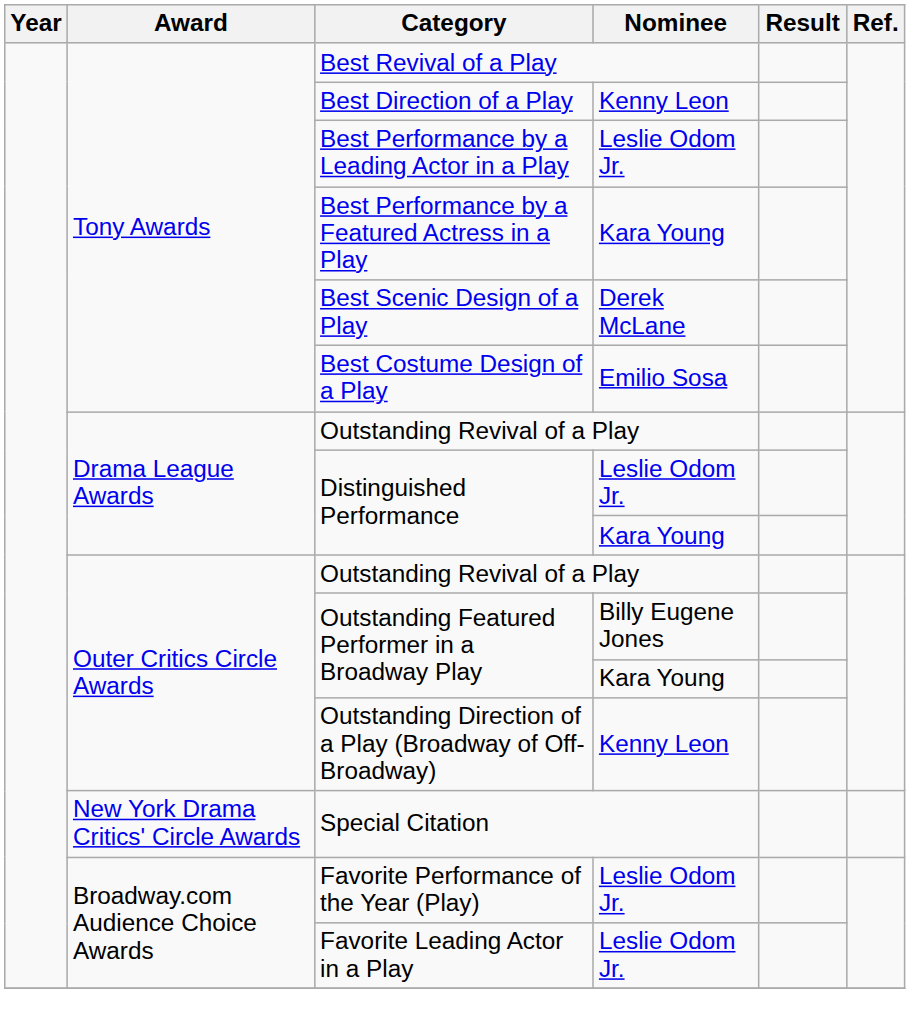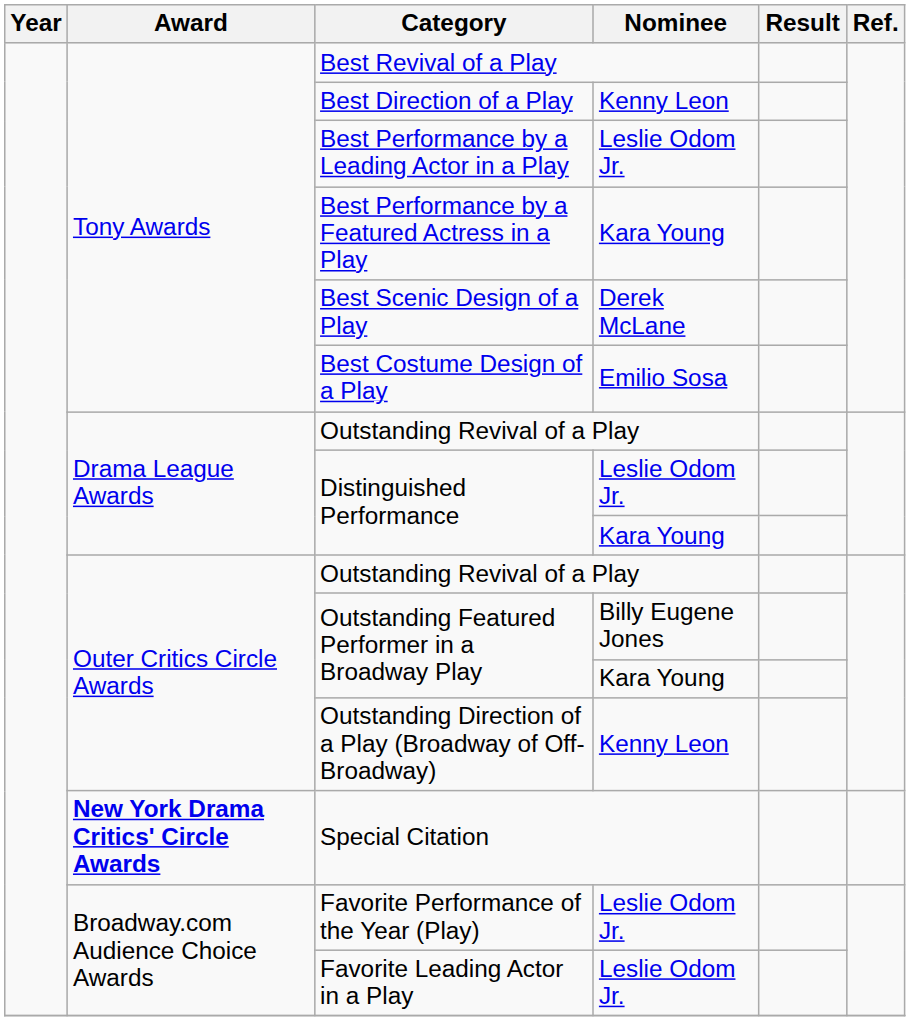 <table class="wikitable" width="95%">
 <tr>
 <th width="5%">Year</th>
 <th width="30%">Award</th>
 <th width="35%">Category</th>
 <th width="20%">Nominee</th>
 <th width="10%">Result</th>
 <th class=unsortable>Ref.</th>
 </tr>
 <tr>
 <td rowspan="16"></td>
 <td rowspan="6"><a href='#'>Tony Awards</a></td>
 <td colspan="2"><a href='#'>Best Revival of a Play</a></td>
 <td></td>
 <td rowspan="6"></td>
 </tr>
 <tr>
 <td><a href='#'>Best Direction of a Play</a></td>
 <td><a href='#'>Kenny Leon</a></td>
 <td></td>
 </tr>
 <tr>
 <td><a href='#'>Best Performance by a Leading Actor in a Play</a></td>
 <td><a href='#'>Leslie Odom Jr.</a></td>
 <td></td>
 </tr>
 <tr>
 <td><a href='#'>Best Performance by a Featured Actress in a Play</a></td>
 <td><a href='#'>Kara Young</a></td>
 <td></td>
 </tr>
 <tr>
 <td><a href='#'>Best Scenic Design of a Play</a></td>
 <td><a href='#'>Derek McLane</a></td>
 <td></td>
 </tr>
 <tr>
 <td><a href='#'>Best Costume Design of a Play</a></td>
 <td><a href='#'>Emilio Sosa</a></td>
 <td></td>
 </tr>
 <tr>
 <td rowspan="3"><a href='#'>Drama League Awards</a></td>
 <td colspan="2">Outstanding Revival of a Play</td>
 <td></td>
 <td rowspan="3"></td>
 </tr>
 <tr>
 <td rowspan=2>Distinguished Performance</td>
 <td><a href='#'>Leslie Odom Jr.</a></td>
 <td></td>
 </tr>
 <tr>
 <td><a href='#'>Kara Young</a></td>
 <td></td>
 </tr>
 <tr>
 <td rowspan=4><a href='#'>Outer Critics Circle Awards</a></td>
 <td colspan=2>Outstanding Revival of a Play</td>
 <td></td>
 <td rowspan=4></td>
 </tr>
 <tr>
 <td rowspan=2>Outstanding Featured Performer in a Broadway Play</td>
 <td>Billy Eugene Jones</td>
 <td></td>
 </tr>
 <tr>
 <td>Kara Young</td>
 <td></td>
 </tr>
 <tr>
 <td>Outstanding Direction of a Play (Broadway of Off-Broadway)</td>
 <td><a href='#'>Kenny Leon</a></td>
 <td></td>
 </tr>
 <tr>
-<td><a href='#'>New York Drama Critics' Circle Awards</a></td>
+<td><strong><a href='#'>New York Drama Critics' Circle Awards</a></strong></td>
 <td colspan="2">Special Citation</td>
 <td></td>
 <td></td>
 </tr>
 <tr>
 <td rowspan=2>Broadway.com Audience Choice Awards</td>
 <td>Favorite Performance of the Year (Play)</td>
 <td><a href='#'>Leslie Odom Jr.</a></td>
 <td></td>
 <td rowspan=2></td>
 </tr>
 <tr>
 <td>Favorite Leading Actor in a Play</td>
 <td><a href='#'>Leslie Odom Jr.</a></td>
 <td></td>
 </tr>
 <tr>
 </tr>
 </table>
